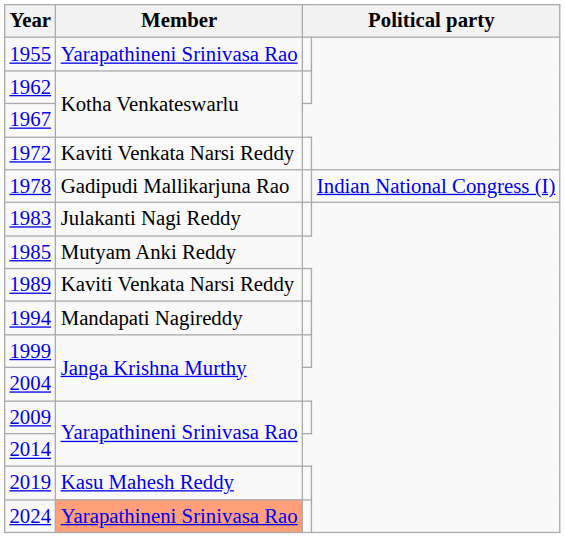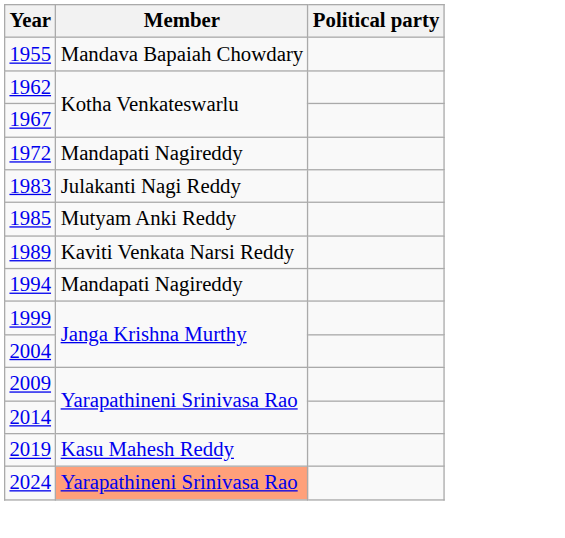 <table class="wikitable sortable">
 <tr>
 <th>Year</th>
 <th>Member</th>
 <th colspan="2">Political party</th>
 </tr>
 <tr>
 <td><a href='#'>1955</a></td>
-<td><a href='#'>Yarapathineni Srinivasa Rao</a></td>
+<td>Mandava Bapaiah Chowdary</td>
 <td></td>
 </tr>
 <tr>
 <td><a href='#'>1962</a></td>
 <td rowspan=2>Kotha Venkateswarlu</td>
 <td></td>
 </tr>
 <tr>
 <td><a href='#'>1967</a></td>
 </tr>
 <tr>
 <td><a href='#'>1972</a></td>
-<td>Kaviti Venkata Narsi Reddy</td>
+<td>Mandapati Nagireddy</td>
 <td></td>
-</tr>
-<tr>
-<td><a href='#'>1978</a></td>
-<td>Gadipudi Mallikarjuna Rao</td>
-<td style="background-color: "></td>
-<td><a href='#'>Indian National Congress (I)</a></td>
 </tr>
 <tr>
 <td><a href='#'>1983</a></td>
 <td>Julakanti Nagi Reddy</td>
 <td></td>
 </tr>
 <tr>
 <td><a href='#'>1985</a></td>
 <td>Mutyam Anki Reddy</td>
 </tr>
 <tr>
 <td><a href='#'>1989</a></td>
 <td>Kaviti Venkata Narsi Reddy</td>
 <td></td>
 </tr>
 <tr>
 <td><a href='#'>1994</a></td>
 <td>Mandapati Nagireddy</td>
 <td></td>
 </tr>
 <tr>
 <td><a href='#'>1999</a></td>
 <td rowspan=2><a href='#'>Janga Krishna Murthy</a></td>
 <td></td>
 </tr>
 <tr>
 <td><a href='#'>2004</a></td>
 </tr>
 <tr>
 <td><a href='#'>2009</a></td>
 <td rowspan=2><a href='#'>Yarapathineni Srinivasa Rao</a></td>
 <td></td>
 </tr>
 <tr>
 <td><a href='#'>2014</a></td>
 </tr>
 <tr>
 <td><a href='#'>2019</a></td>
 <td><a href='#'>Kasu Mahesh Reddy</a></td>
 <td></td>
 </tr>
 <tr>
 <td><a href='#'>2024</a></td>
 <td style="background: lightsalmon;"><a href='#'>Yarapathineni Srinivasa Rao</a></td>
 <td></td>
 </tr>
 </table>
